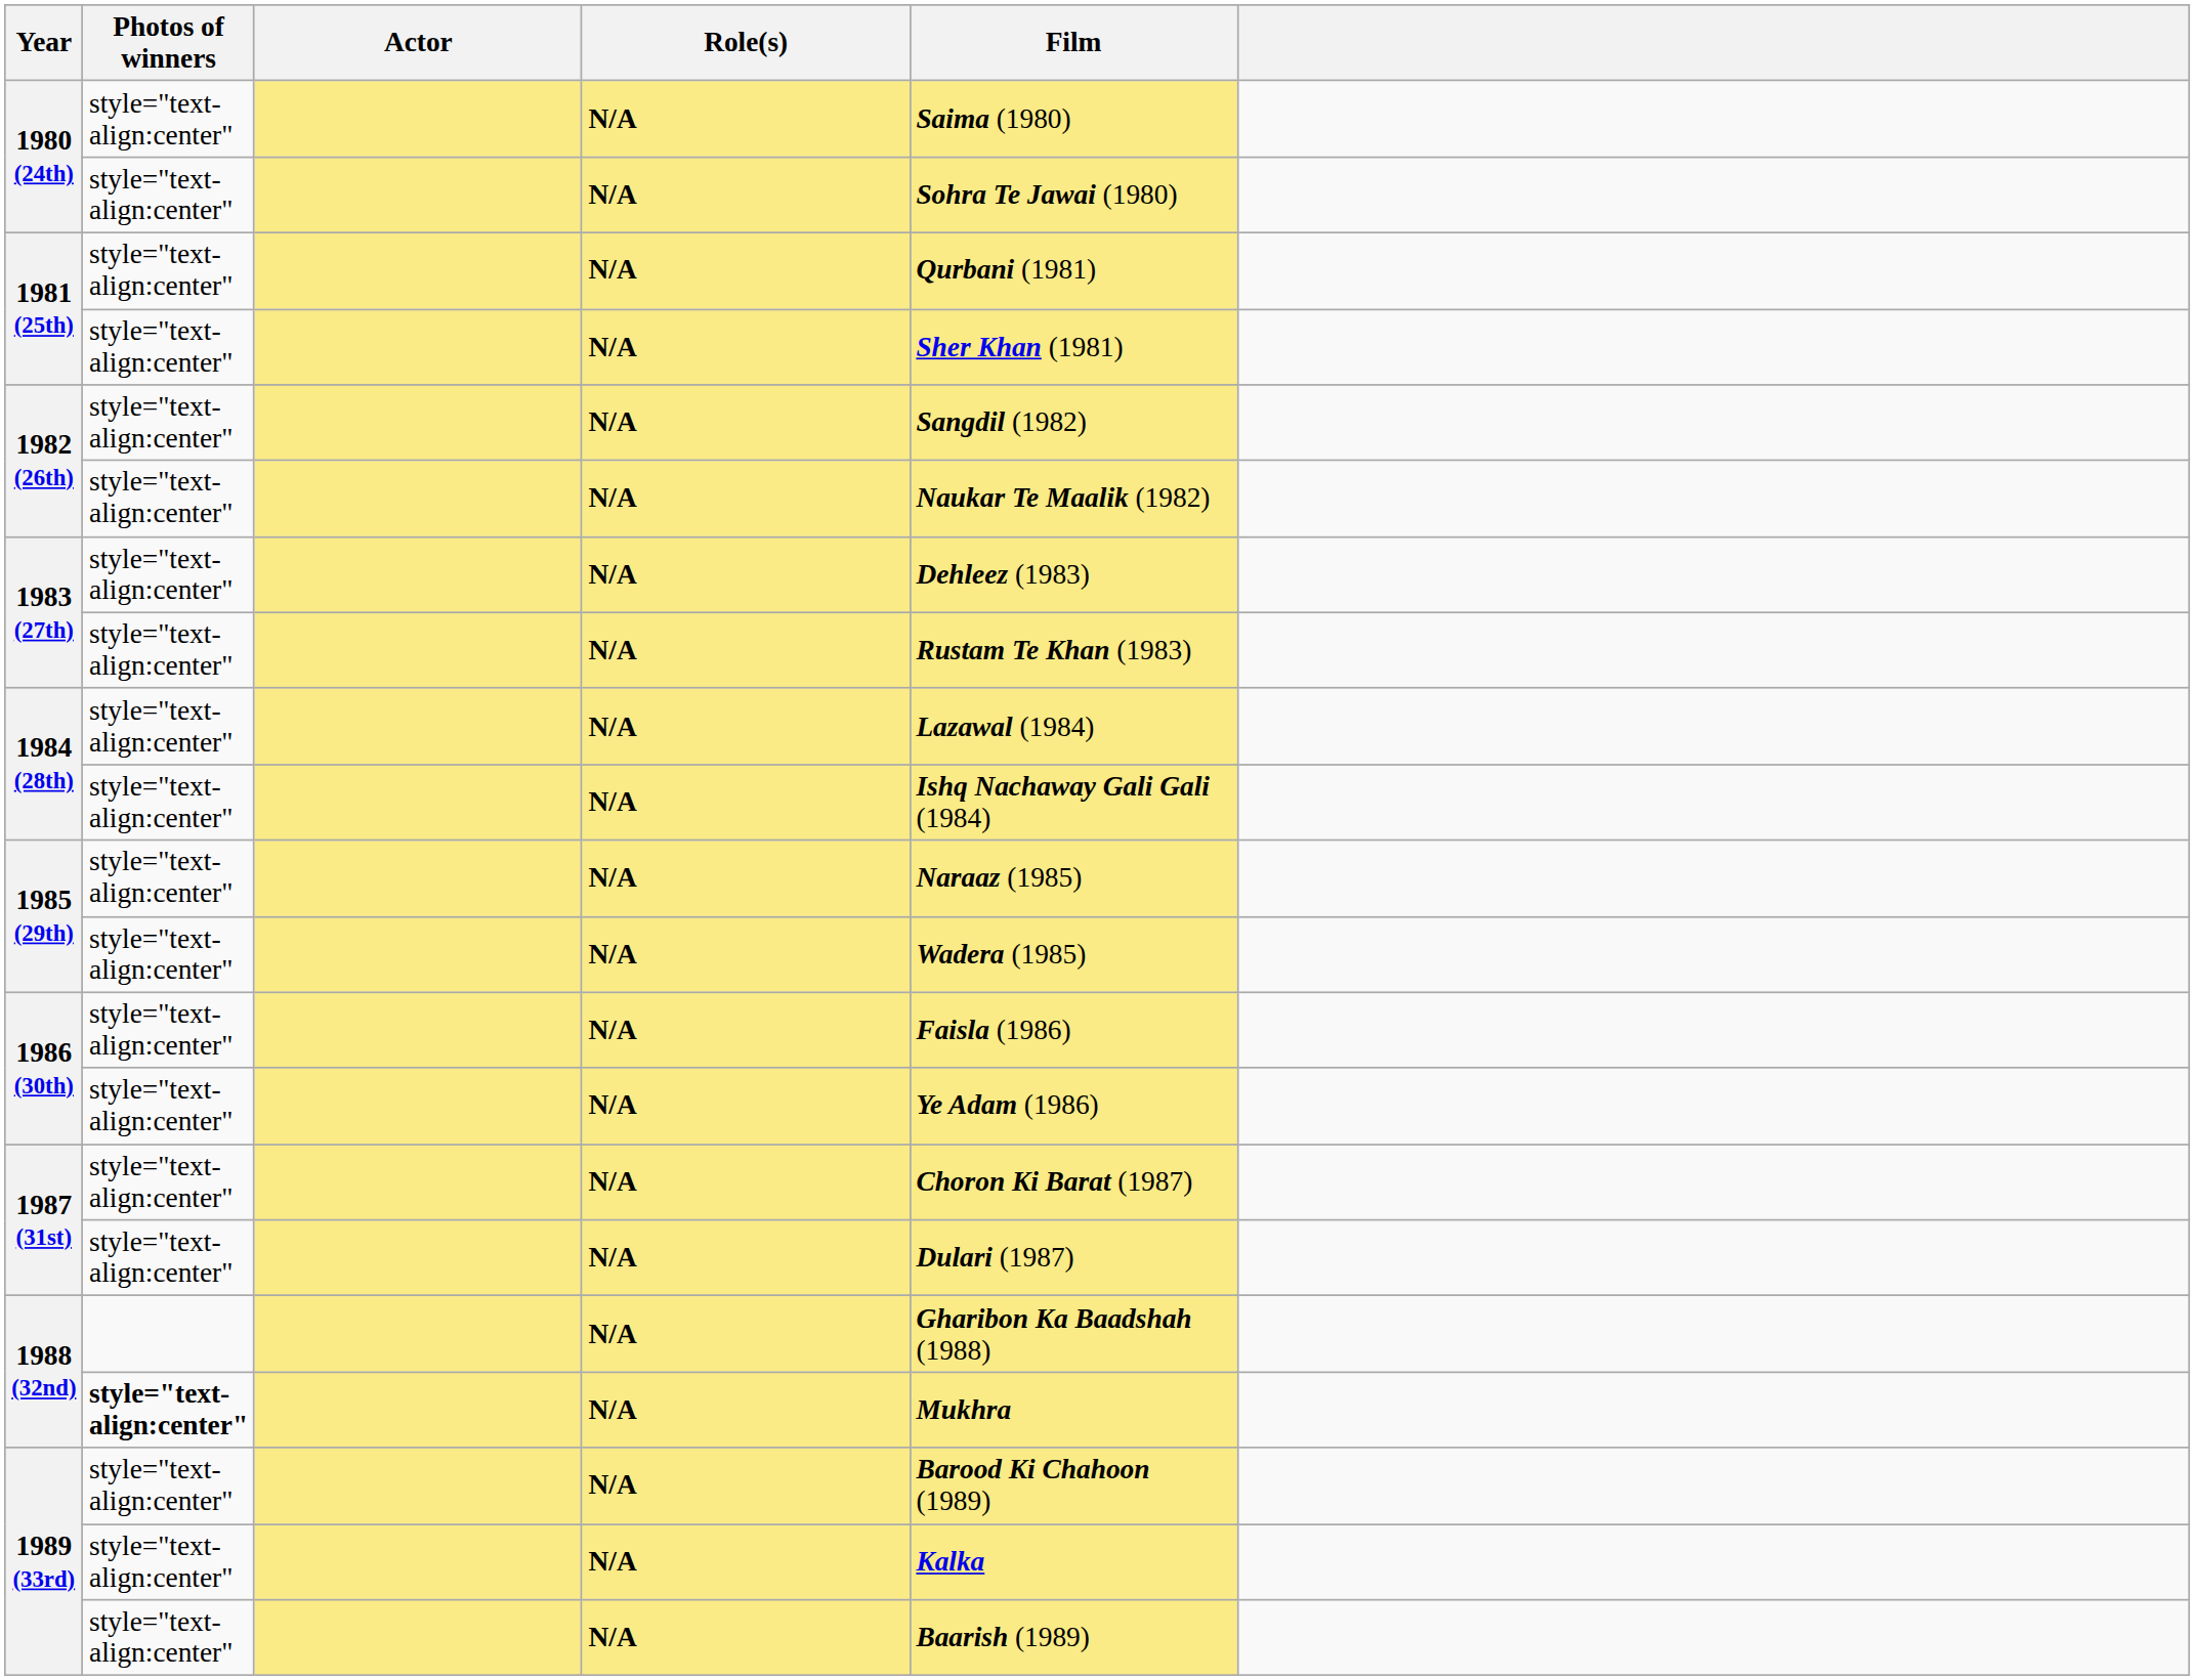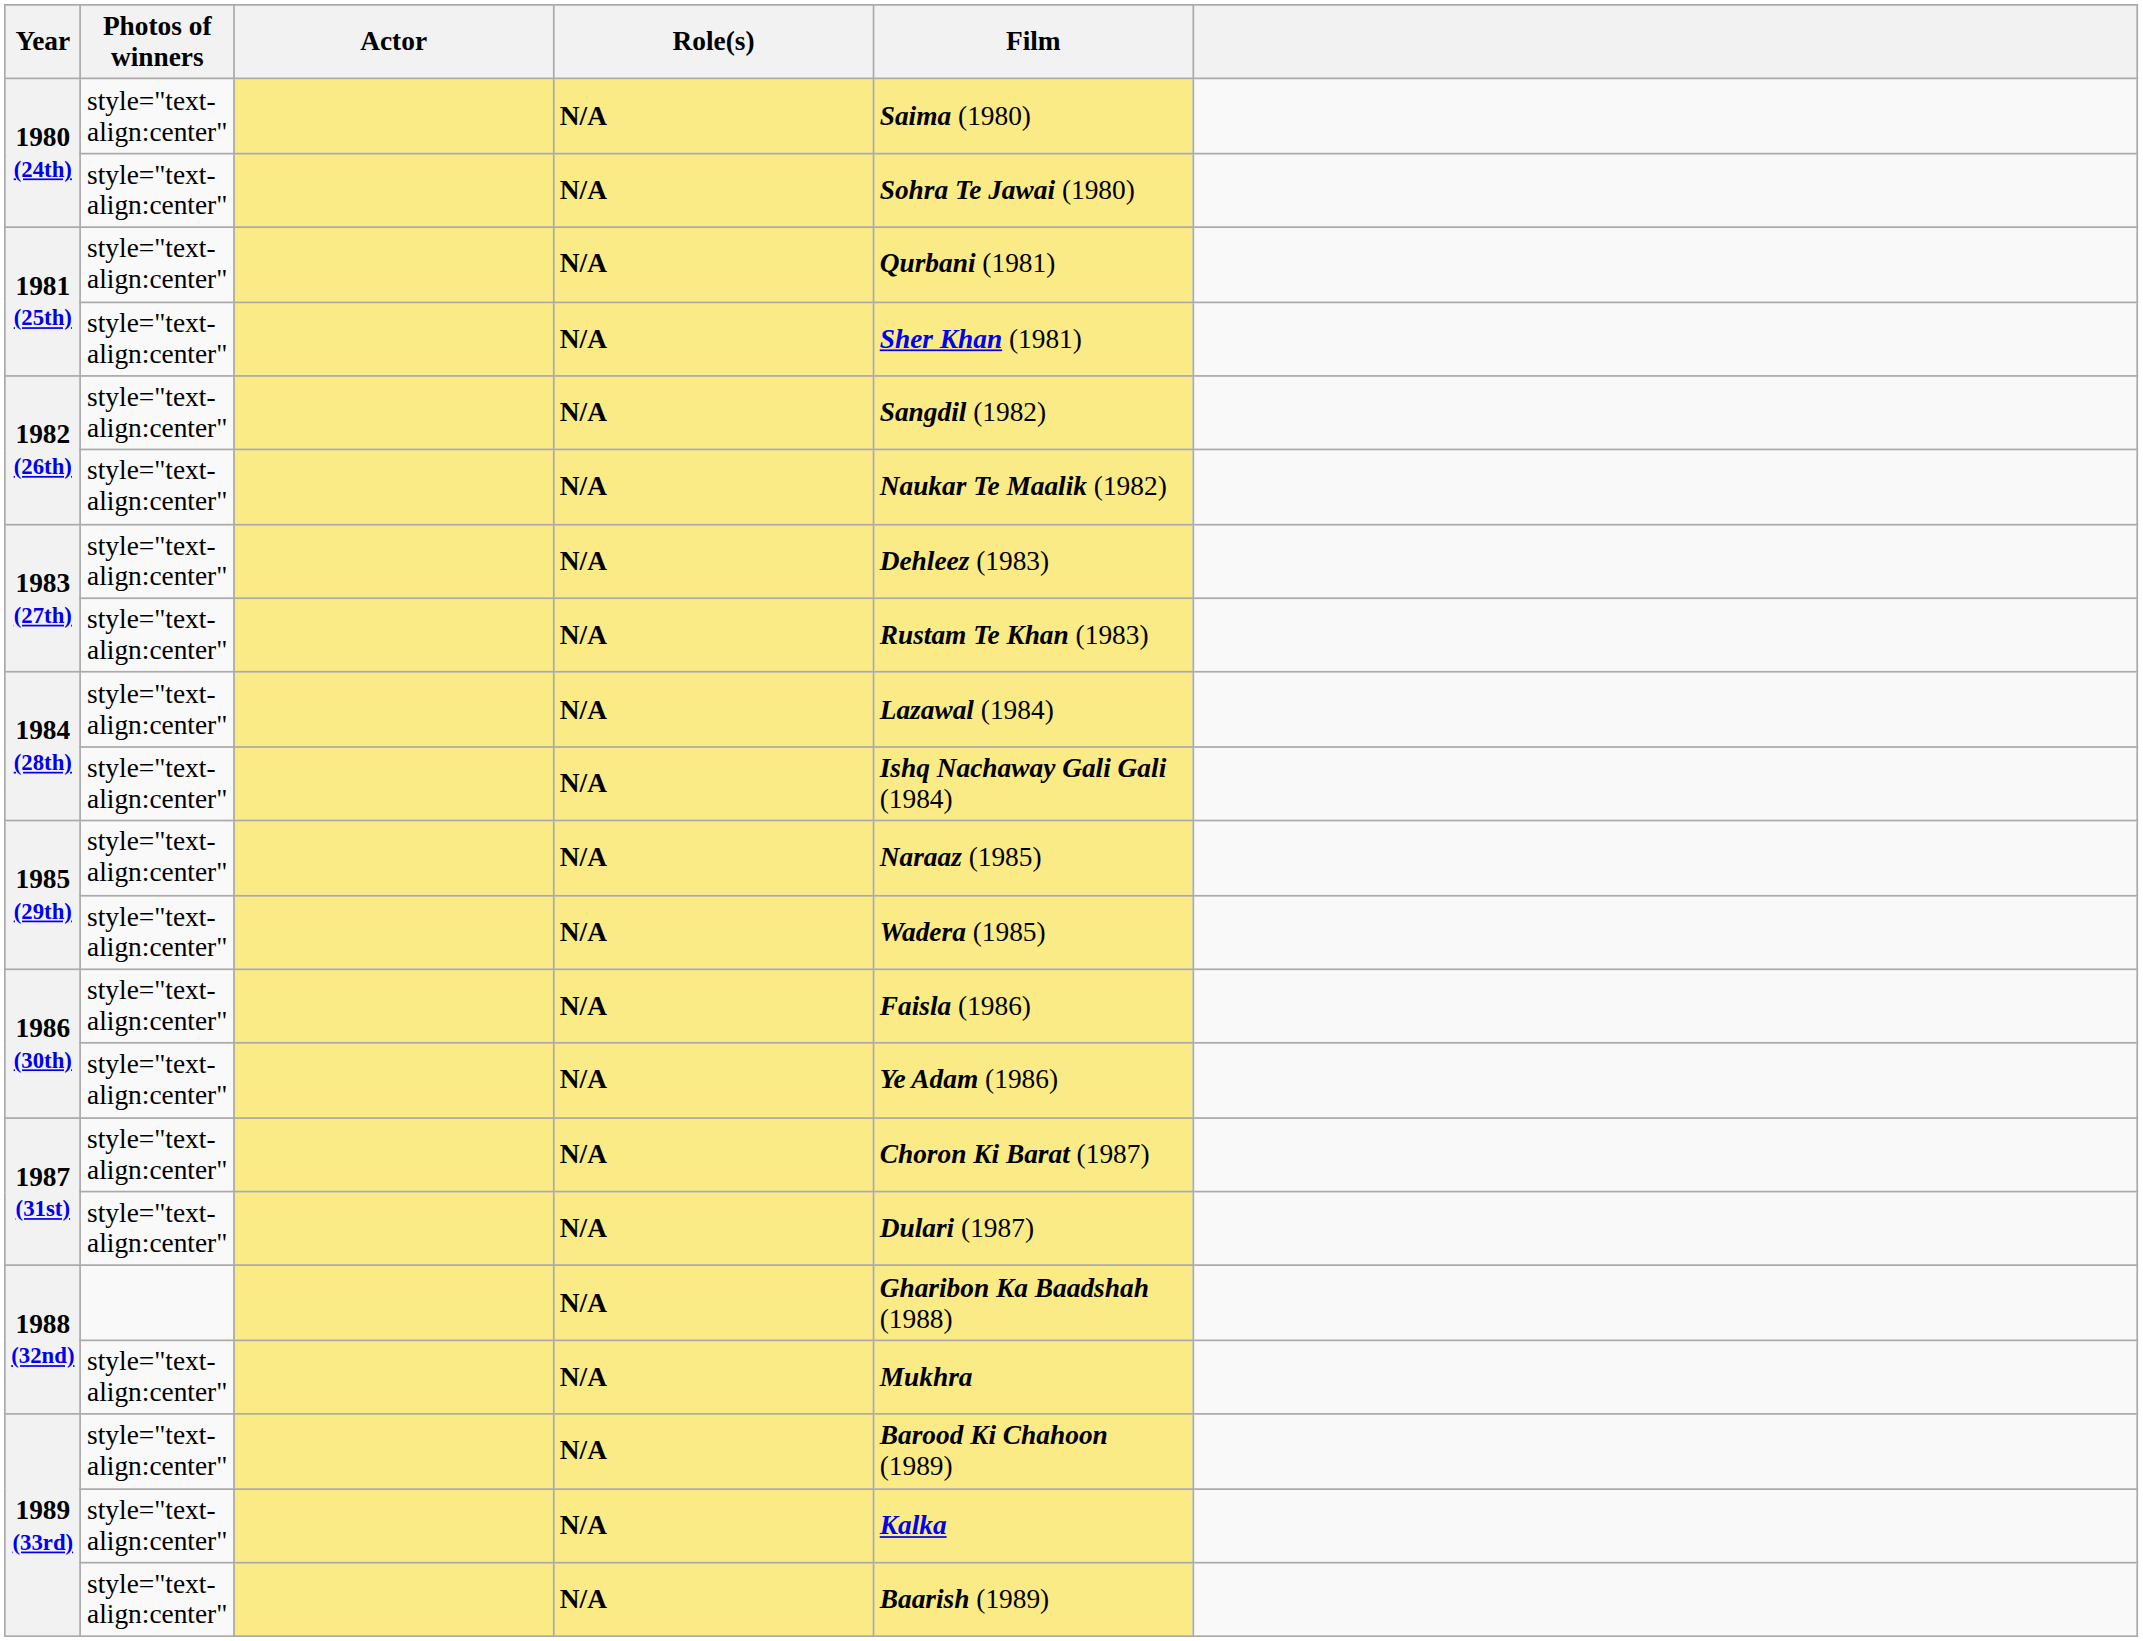 <table class="wikitable sortable" style="text-align:left;">
 <tr>
 <th scope="col" style="width:3%; text-align:center;">Year</th>
 <th scope="col" style="width:3%;text-align:center;">Photos of winners</th>
 <th scope="col" style="width:15%;text-align:center;">Actor</th>
 <th scope="col" style="width:15%;text-align:center;">Role(s)</th>
 <th scope="col" style="width:15%;text-align:center;">Film</th>
 <th scope="col" class="unsortable"></th>
 </tr>
 <tr>
 <th scope="row" rowspan=2 style="text-align:center">1980 <br><small><a href='#'>(24th)</a> </small></th>
 <td>style="text-align:center" </td>
 <td style="background:#FAEB86;"><strong></strong> </td>
 <td style="background:#FAEB86;"><strong>N/A</strong></td>
 <td style="background:#FAEB86;"><strong><em>Saima</em></strong> (1980)</td>
 <td></td>
 </tr>
 <tr>
 <td>style="text-align:center" </td>
 <td style="background:#FAEB86;"><strong></strong> </td>
 <td style="background:#FAEB86;"><strong>N/A</strong></td>
 <td style="background:#FAEB86;"><strong><em>Sohra Te Jawai</em></strong> (1980)</td>
 <td></td>
 </tr>
 <tr>
 <th scope="row" rowspan=2 style="text-align:center">1981 <br><small><a href='#'>(25th)</a> </small></th>
 <td>style="text-align:center" </td>
 <td style="background:#FAEB86;"><strong></strong> </td>
 <td style="background:#FAEB86;"><strong>N/A</strong></td>
 <td style="background:#FAEB86;"><strong><em>Qurbani</em></strong> (1981)</td>
 <td></td>
 </tr>
 <tr>
 <td>style="text-align:center" </td>
 <td style="background:#FAEB86;"><strong></strong> </td>
 <td style="background:#FAEB86;"><strong>N/A</strong></td>
 <td style="background:#FAEB86;"><strong><em><a href='#'>Sher Khan</a></em></strong> (1981)</td>
 <td></td>
 </tr>
 <tr>
 <th scope="row" rowspan=2 style="text-align:center">1982 <br><small><a href='#'>(26th)</a> </small></th>
 <td>style="text-align:center" </td>
 <td style="background:#FAEB86;"><strong></strong> </td>
 <td style="background:#FAEB86;"><strong>N/A</strong></td>
 <td style="background:#FAEB86;"><strong><em>Sangdil</em></strong> (1982)</td>
 <td></td>
 </tr>
 <tr>
 <td>style="text-align:center" </td>
 <td style="background:#FAEB86;"><strong></strong> </td>
 <td style="background:#FAEB86;"><strong>N/A</strong></td>
 <td style="background:#FAEB86;"><strong><em>Naukar Te Maalik</em></strong> (1982)</td>
 <td></td>
 </tr>
 <tr>
 <th scope="row" rowspan=2 style="text-align:center">1983 <br><small><a href='#'>(27th)</a> </small></th>
 <td>style="text-align:center" </td>
 <td style="background:#FAEB86;"><strong></strong> </td>
 <td style="background:#FAEB86;"><strong>N/A</strong></td>
 <td style="background:#FAEB86;"><strong><em>Dehleez</em></strong> (1983)</td>
 <td></td>
 </tr>
 <tr>
 <td>style="text-align:center" </td>
 <td style="background:#FAEB86;"><strong></strong> </td>
 <td style="background:#FAEB86;"><strong>N/A</strong></td>
 <td style="background:#FAEB86;"><strong><em>Rustam Te Khan</em></strong> (1983)</td>
 <td></td>
 </tr>
 <tr>
 <th scope="row" rowspan=2 style="text-align:center">1984 <br><small><a href='#'>(28th)</a> </small></th>
 <td>style="text-align:center" </td>
 <td style="background:#FAEB86;"><strong></strong> </td>
 <td style="background:#FAEB86;"><strong>N/A</strong></td>
 <td style="background:#FAEB86;"><strong><em>Lazawal</em></strong> (1984)</td>
 <td></td>
 </tr>
 <tr>
 <td>style="text-align:center" </td>
 <td style="background:#FAEB86;"><strong></strong> </td>
 <td style="background:#FAEB86;"><strong>N/A</strong></td>
 <td style="background:#FAEB86;"><strong><em>Ishq Nachaway Gali Gali</em></strong> (1984)</td>
 <td></td>
 </tr>
 <tr>
 <th scope="row" rowspan=2 style="text-align:center">1985 <br><small><a href='#'>(29th)</a> </small></th>
 <td>style="text-align:center" </td>
 <td style="background:#FAEB86;"><strong></strong> </td>
 <td style="background:#FAEB86;"><strong>N/A</strong></td>
 <td style="background:#FAEB86;"><strong><em>Naraaz</em></strong> (1985)</td>
 <td></td>
 </tr>
 <tr>
 <td>style="text-align:center" </td>
 <td style="background:#FAEB86;"><strong></strong> </td>
 <td style="background:#FAEB86;"><strong>N/A</strong></td>
 <td style="background:#FAEB86;"><strong><em>Wadera</em></strong> (1985)</td>
 <td></td>
 </tr>
 <tr>
 <th scope="row" rowspan=2 style="text-align:center">1986 <br><small><a href='#'>(30th)</a> </small></th>
 <td>style="text-align:center" </td>
 <td style="background:#FAEB86;"><strong></strong> </td>
 <td style="background:#FAEB86;"><strong>N/A</strong></td>
 <td style="background:#FAEB86;"><strong><em>Faisla</em></strong> (1986)</td>
 <td></td>
 </tr>
 <tr>
 <td>style="text-align:center" </td>
 <td style="background:#FAEB86;"><strong></strong> </td>
 <td style="background:#FAEB86;"><strong>N/A</strong></td>
 <td style="background:#FAEB86;"><strong><em>Ye Adam</em></strong> (1986)</td>
 <td></td>
 </tr>
 <tr>
 <th scope="row" rowspan=2 style="text-align:center">1987 <br><small><a href='#'>(31st)</a> </small></th>
 <td>style="text-align:center" </td>
 <td style="background:#FAEB86;"><strong></strong> </td>
 <td style="background:#FAEB86;"><strong>N/A</strong></td>
 <td style="background:#FAEB86;"><strong><em>Choron Ki Barat</em></strong> (1987)</td>
 <td></td>
 </tr>
 <tr>
 <td>style="text-align:center" </td>
 <td style="background:#FAEB86;"><strong></strong> </td>
 <td style="background:#FAEB86;"><strong>N/A</strong></td>
 <td style="background:#FAEB86;"><strong><em>Dulari</em></strong> (1987)</td>
 <td></td>
 </tr>
 <tr>
 <th scope="row" rowspan=2 style="text-align:center">1988 <br><small><a href='#'>(32nd)</a> </small></th>
 <td style="text-align:center"></td>
 <td style="background:#FAEB86;"><strong></strong> </td>
 <td style="background:#FAEB86;"><strong>N/A</strong></td>
 <td style="background:#FAEB86;"><strong><em>Gharibon Ka Baadshah</em></strong> (1988)</td>
 <td></td>
 </tr>
 <tr>
-<td><strong>style="text-align:center" </strong></td>
+<td>style="text-align:center" </td>
 <td style="background:#FAEB86;"><strong></strong> </td>
 <td style="background:#FAEB86;"><strong>N/A</strong></td>
 <td style="background:#FAEB86;"><strong><em>Mukhra</em></strong></td>
 <td></td>
 </tr>
 <tr>
 <th scope="row" rowspan=3 style="text-align:center">1989 <br><small><a href='#'>(33rd)</a> </small></th>
 <td>style="text-align:center" </td>
 <td style="background:#FAEB86;"><strong></strong> </td>
 <td style="background:#FAEB86;"><strong>N/A</strong></td>
 <td style="background:#FAEB86;"><strong><em>Barood Ki Chahoon</em></strong> (1989)</td>
 <td></td>
 </tr>
 <tr>
 <td>style="text-align:center" </td>
 <td style="background:#FAEB86;"><strong></strong> </td>
 <td style="background:#FAEB86;"><strong>N/A</strong></td>
 <td style="background:#FAEB86;"><strong><em><a href='#'>Kalka</a></em></strong></td>
 <td></td>
 </tr>
 <tr>
 <td>style="text-align:center" </td>
 <td style="background:#FAEB86;"><strong></strong> </td>
 <td style="background:#FAEB86;"><strong>N/A</strong></td>
 <td style="background:#FAEB86;"><strong><em>Baarish</em></strong> (1989)</td>
 <td></td>
 </tr>
 </table>
